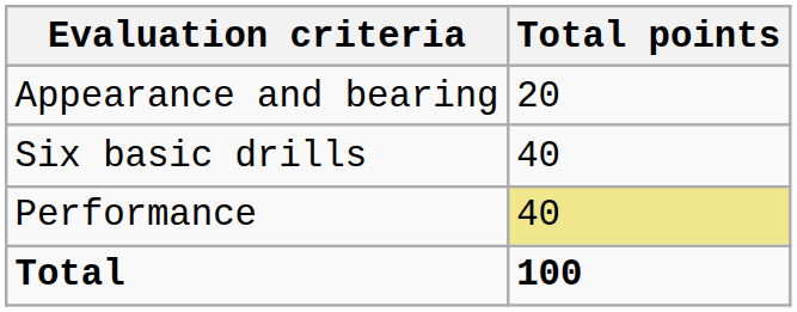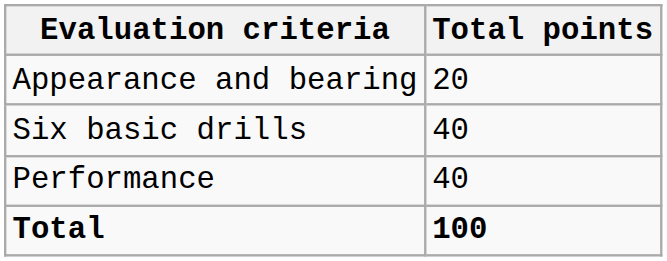 <table class="wikitable">
 <tr>
 <th>Evaluation criteria</th>
 <th>Total points</th>
 </tr>
 <tr>
 <td>Appearance and bearing</td>
 <td>20</td>
 </tr>
 <tr>
 <td>Six basic drills</td>
 <td>40</td>
 </tr>
 <tr>
 <td>Performance</td>
-<td style="background: khaki;">40</td>
+<td>40</td>
 </tr>
 <tr>
 <td><strong>Total</strong></td>
 <td><strong>100</strong></td>
 </tr>
 </table>
